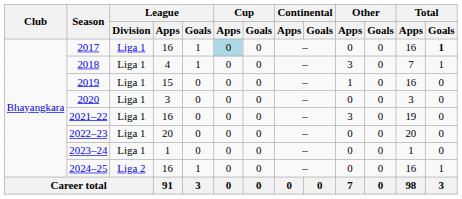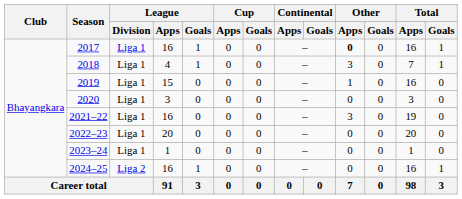 <table class="wikitable" style="text-align:center">
 <tr>
 <th rowspan="2">Club</th>
 <th rowspan="2">Season</th>
 <th colspan="3">League</th>
 <th colspan="2">Cup</th>
 <th colspan="2">Continental</th>
 <th colspan="2">Other</th>
 <th colspan="2">Total</th>
 </tr>
 <tr>
 <th>Division</th>
 <th>Apps</th>
 <th>Goals</th>
 <th>Apps</th>
 <th>Goals</th>
 <th>Apps</th>
 <th>Goals</th>
 <th>Apps</th>
 <th>Goals</th>
 <th>Apps</th>
 <th>Goals</th>
 </tr>
 <tr>
 <td rowspan="8" valign="center"><a href='#'>Bhayangkara</a></td>
 <td><a href='#'>2017</a></td>
 <td rowspan="1" valign="center"><a href='#'>Liga 1</a></td>
 <td>16</td>
 <td>1</td>
-<td style="background: lightblue;">0</td>
+<td>0</td>
 <td>0</td>
 <td colspan=2>–</td>
-<td>0</td>
+<td><strong>0</strong></td>
 <td>0</td>
 <td>16</td>
-<td><strong>1</strong></td>
+<td>1</td>
 </tr>
 <tr>
 <td><a href='#'>2018</a></td>
 <td rowspan="1" valign="center">Liga 1</td>
 <td>4</td>
 <td>1</td>
 <td>0</td>
 <td>0</td>
 <td colspan=2>–</td>
 <td>3</td>
 <td>0</td>
 <td>7</td>
 <td>1</td>
 </tr>
 <tr>
 <td><a href='#'>2019</a></td>
 <td rowspan="1" valign="center">Liga 1</td>
 <td>15</td>
 <td>0</td>
 <td>0</td>
 <td>0</td>
 <td colspan=2>–</td>
 <td>1</td>
 <td>0</td>
 <td>16</td>
 <td>0</td>
 </tr>
 <tr>
 <td><a href='#'>2020</a></td>
 <td rowspan="1" valign="center">Liga 1</td>
 <td>3</td>
 <td>0</td>
 <td>0</td>
 <td>0</td>
 <td colspan=2>–</td>
 <td>0</td>
 <td>0</td>
 <td>3</td>
 <td>0</td>
 </tr>
 <tr>
 <td><a href='#'>2021–22</a></td>
 <td rowspan="1" valign="center">Liga 1</td>
 <td>16</td>
 <td>0</td>
 <td>0</td>
 <td>0</td>
 <td colspan=2>–</td>
 <td>3</td>
 <td>0</td>
 <td>19</td>
 <td>0</td>
 </tr>
 <tr>
 <td><a href='#'>2022–23</a></td>
 <td rowspan="1" valign="center">Liga 1</td>
 <td>20</td>
 <td>0</td>
 <td>0</td>
 <td>0</td>
 <td colspan=2>–</td>
 <td>0</td>
 <td>0</td>
 <td>20</td>
 <td>0</td>
 </tr>
 <tr>
 <td><a href='#'>2023–24</a></td>
 <td>Liga 1</td>
 <td>1</td>
 <td>0</td>
 <td>0</td>
 <td>0</td>
 <td colspan="2">–</td>
 <td>0</td>
 <td>0</td>
 <td>1</td>
 <td>0</td>
 </tr>
 <tr>
 <td><a href='#'>2024–25</a></td>
 <td><a href='#'>Liga 2</a></td>
 <td>16</td>
 <td>1</td>
 <td>0</td>
 <td>0</td>
 <td colspan="2">–</td>
 <td>0</td>
 <td>0</td>
 <td>16</td>
 <td>1</td>
 </tr>
 <tr>
 <th colspan="3">Career total</th>
 <th>91</th>
 <th>3</th>
 <th>0</th>
 <th>0</th>
 <th>0</th>
 <th>0</th>
 <th>7</th>
 <th>0</th>
 <th>98</th>
 <th>3</th>
 </tr>
 </table>
